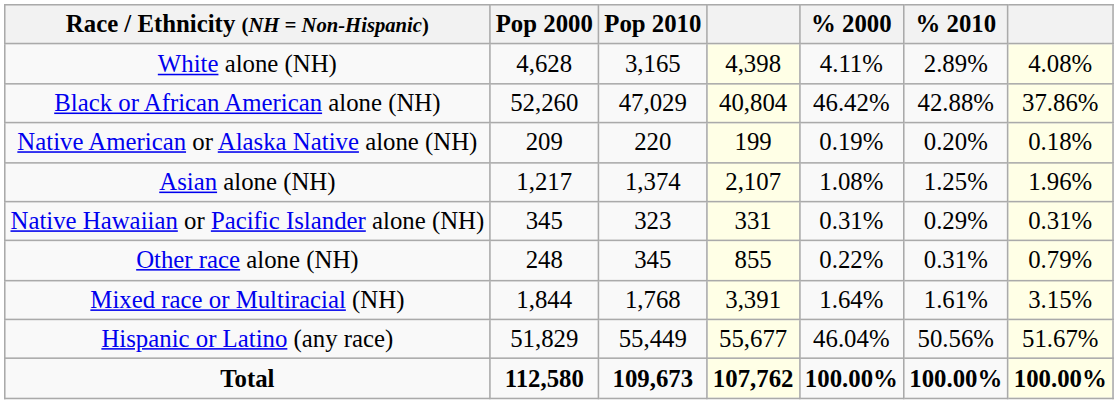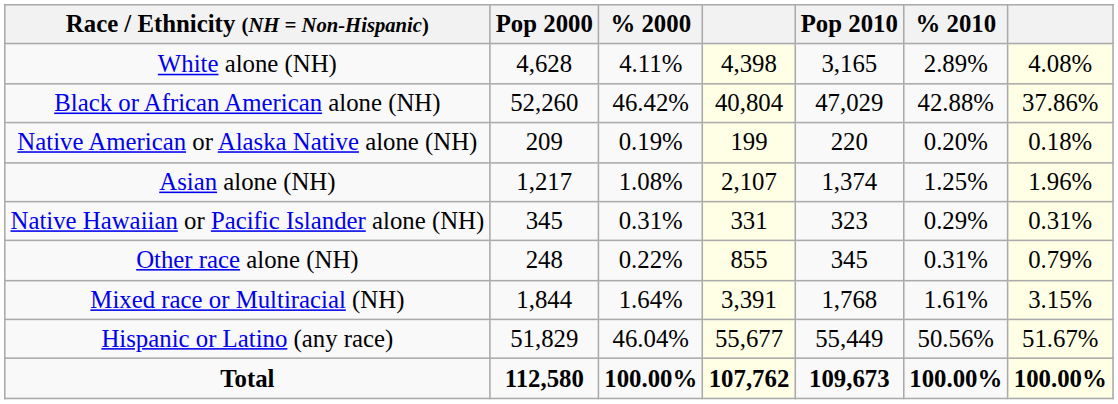 <table class="wikitable" style="text-align:center;">
 <tr>
 <th>Race / Ethnicity <small>(<em>NH = Non-Hispanic</em>)</small></th>
 <th>Pop 2000</th>
+<th>% 2000</th>
+<th></th>
 <th>Pop 2010</th>
-<th></th>
-<th>% 2000</th>
 <th>% 2010</th>
 <th></th>
 </tr>
 <tr>
 <td><a href='#'>White</a> alone (NH)</td>
 <td>4,628</td>
+<td>4.11%</td>
+<td style='background: #ffffe6;'>4,398</td>
 <td>3,165</td>
-<td style='background: #ffffe6;'>4,398</td>
-<td>4.11%</td>
 <td>2.89%</td>
 <td style='background: #ffffe6;'>4.08%</td>
 </tr>
 <tr>
 <td><a href='#'>Black or African American</a> alone (NH)</td>
 <td>52,260</td>
+<td>46.42%</td>
+<td style='background: #ffffe6;'>40,804</td>
 <td>47,029</td>
-<td style='background: #ffffe6;'>40,804</td>
-<td>46.42%</td>
 <td>42.88%</td>
 <td style='background: #ffffe6;'>37.86%</td>
 </tr>
 <tr>
 <td><a href='#'>Native American</a> or <a href='#'>Alaska Native</a> alone (NH)</td>
 <td>209</td>
+<td>0.19%</td>
+<td style='background: #ffffe6;'>199</td>
 <td>220</td>
-<td style='background: #ffffe6;'>199</td>
-<td>0.19%</td>
 <td>0.20%</td>
 <td style='background: #ffffe6;'>0.18%</td>
 </tr>
 <tr>
 <td><a href='#'>Asian</a> alone (NH)</td>
 <td>1,217</td>
+<td>1.08%</td>
+<td style='background: #ffffe6;'>2,107</td>
 <td>1,374</td>
-<td style='background: #ffffe6;'>2,107</td>
-<td>1.08%</td>
 <td>1.25%</td>
 <td style='background: #ffffe6;'>1.96%</td>
 </tr>
 <tr>
 <td><a href='#'>Native Hawaiian</a> or <a href='#'>Pacific Islander</a> alone (NH)</td>
 <td>345</td>
+<td>0.31%</td>
+<td style='background: #ffffe6;'>331</td>
 <td>323</td>
-<td style='background: #ffffe6;'>331</td>
-<td>0.31%</td>
 <td>0.29%</td>
 <td style='background: #ffffe6;'>0.31%</td>
 </tr>
 <tr>
 <td><a href='#'>Other race</a> alone (NH)</td>
 <td>248</td>
+<td>0.22%</td>
+<td style='background: #ffffe6;'>855</td>
 <td>345</td>
-<td style='background: #ffffe6;'>855</td>
-<td>0.22%</td>
 <td>0.31%</td>
 <td style='background: #ffffe6;'>0.79%</td>
 </tr>
 <tr>
 <td><a href='#'>Mixed race or Multiracial</a> (NH)</td>
 <td>1,844</td>
+<td>1.64%</td>
+<td style='background: #ffffe6;'>3,391</td>
 <td>1,768</td>
-<td style='background: #ffffe6;'>3,391</td>
-<td>1.64%</td>
 <td>1.61%</td>
 <td style='background: #ffffe6;'>3.15%</td>
 </tr>
 <tr>
 <td><a href='#'>Hispanic or Latino</a> (any race)</td>
 <td>51,829</td>
+<td>46.04%</td>
+<td style='background: #ffffe6;'>55,677</td>
 <td>55,449</td>
-<td style='background: #ffffe6;'>55,677</td>
-<td>46.04%</td>
 <td>50.56%</td>
 <td style='background: #ffffe6;'>51.67%</td>
 </tr>
 <tr>
 <td><strong>Total</strong></td>
 <td><strong>112,580</strong></td>
+<td><strong>100.00%</strong></td>
+<td style='background: #ffffe6;'><strong>107,762</strong></td>
 <td><strong>109,673</strong></td>
-<td style='background: #ffffe6;'><strong>107,762</strong></td>
-<td><strong>100.00%</strong></td>
 <td><strong>100.00%</strong></td>
 <td style='background: #ffffe6;'><strong>100.00%</strong></td>
 </tr>
 </table>
